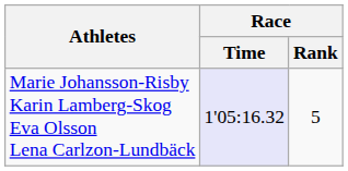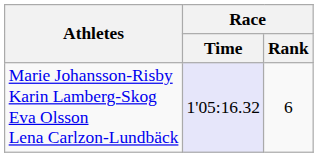 <table class="wikitable" border="1" style="font-size:90%">
 <tr>
 <th rowspan=2>Athletes</th>
 <th colspan=2>Race</th>
 </tr>
 <tr>
 <th>Time</th>
 <th>Rank</th>
 </tr>
 <tr>
 <td><a href='#'>Marie Johansson-Risby</a><br><a href='#'>Karin Lamberg-Skog</a><br><a href='#'>Eva Olsson</a><br><a href='#'>Lena Carlzon-Lundbäck</a></td>
 <td align=center style="background: lavender;">1'05:16.32</td>
-<td align=center>5</td>
+<td align=center>6</td>
 </tr>
 </table>
